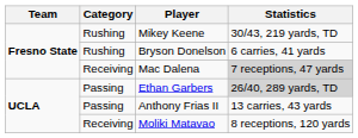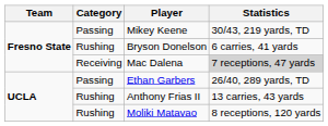 <table class="wikitable" style="float: right;">
 <tr>
 <th>Team</th>
 <th>Category</th>
 <th>Player</th>
 <th>Statistics</th>
 </tr>
 <tr>
 <td rowspan=3><strong>Fresno State</strong></td>
-<td>Rushing</td>
+<td>Passing</td>
 <td>Mikey Keene</td>
 <td>30/43, 219 yards, TD</td>
 </tr>
 <tr>
 <td>Rushing</td>
 <td>Bryson Donelson</td>
 <td>6 carries, 41 yards</td>
 </tr>
 <tr>
 <td>Receiving</td>
 <td>Mac Dalena</td>
 <td style="background: lightgrey;">7 receptions, 47 yards</td>
 </tr>
 <tr>
 <td rowspan=3><strong>UCLA</strong></td>
 <td>Passing</td>
 <td><a href='#'>Ethan Garbers</a></td>
-<td style="background: lightgrey;">26/40, 289 yards, TD</td>
+<td>26/40, 289 yards, TD</td>
 </tr>
 <tr>
-<td>Passing</td>
+<td>Rushing</td>
 <td>Anthony Frias II</td>
 <td>13 carries, 43 yards</td>
 </tr>
 <tr>
-<td>Receiving</td>
+<td>Rushing</td>
 <td><a href='#'>Moliki Matavao</a></td>
 <td>8 receptions, 120 yards</td>
 </tr>
 </table>
